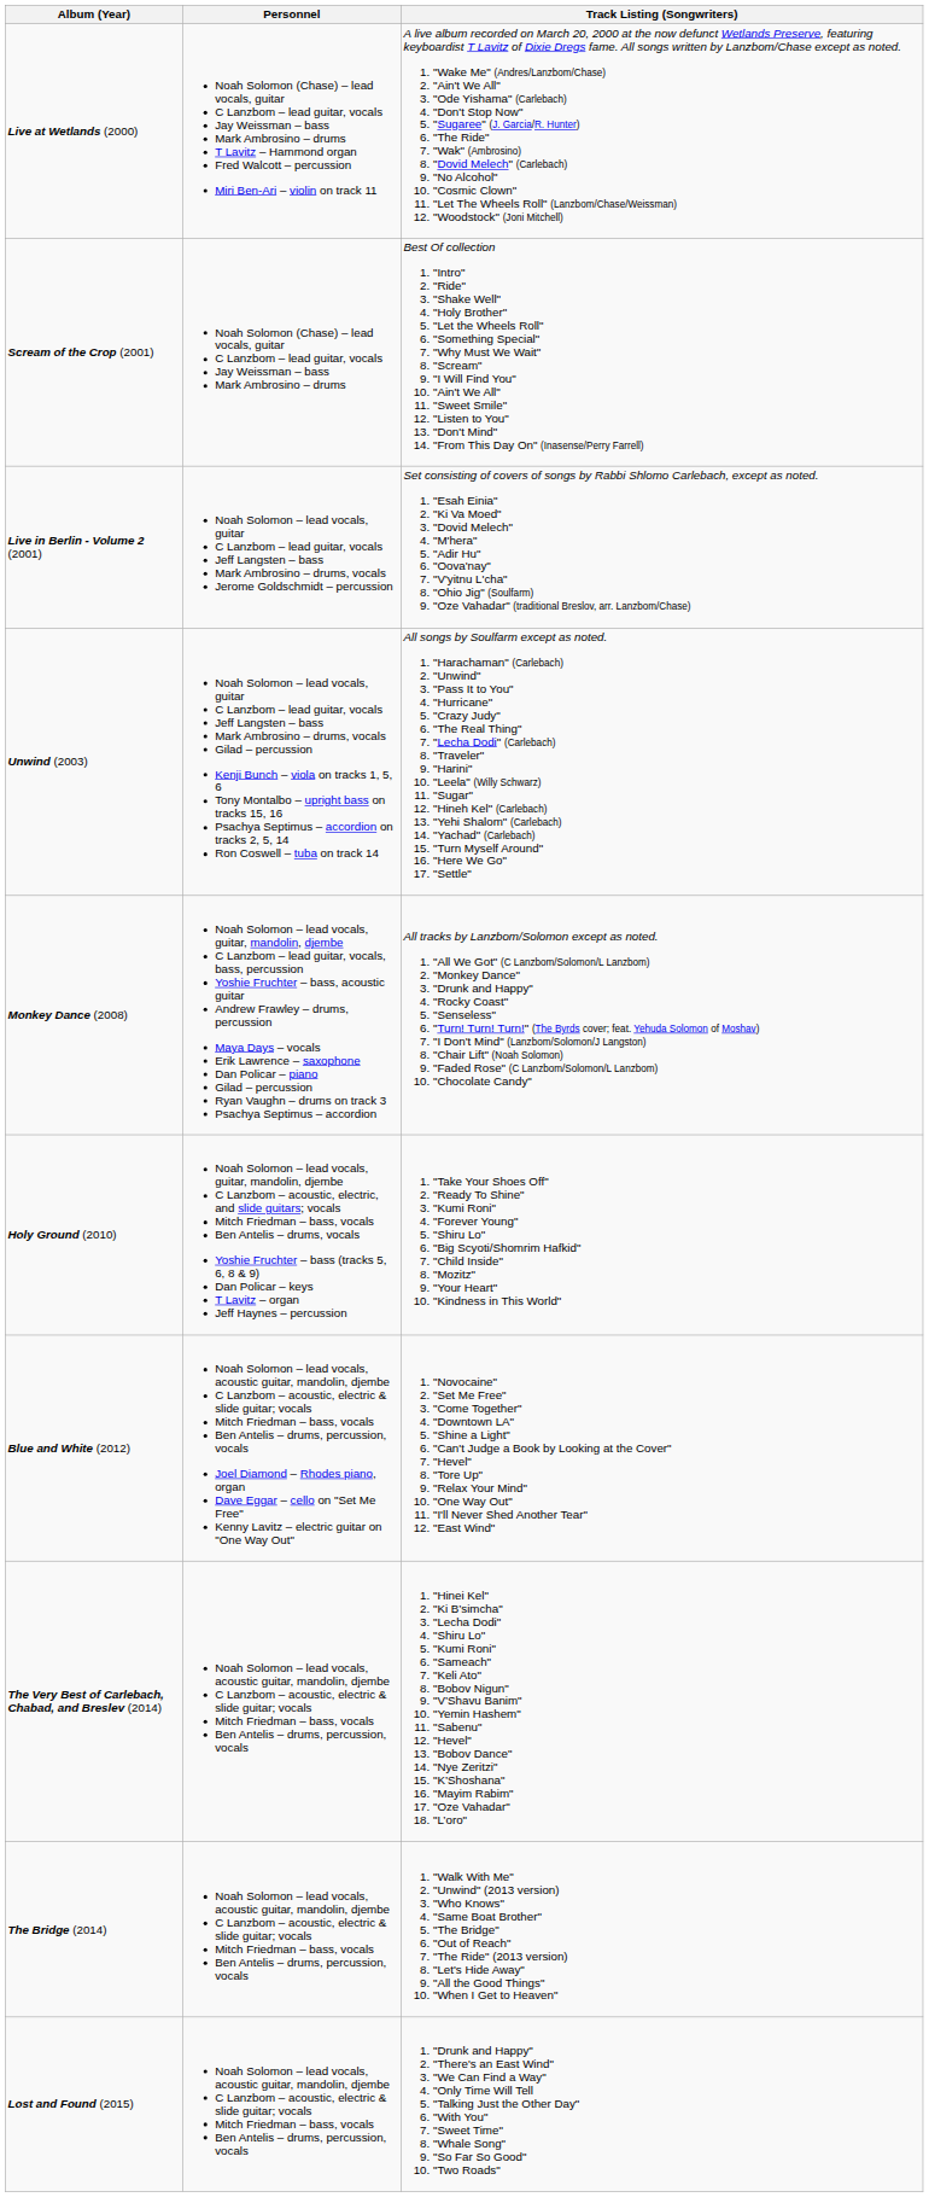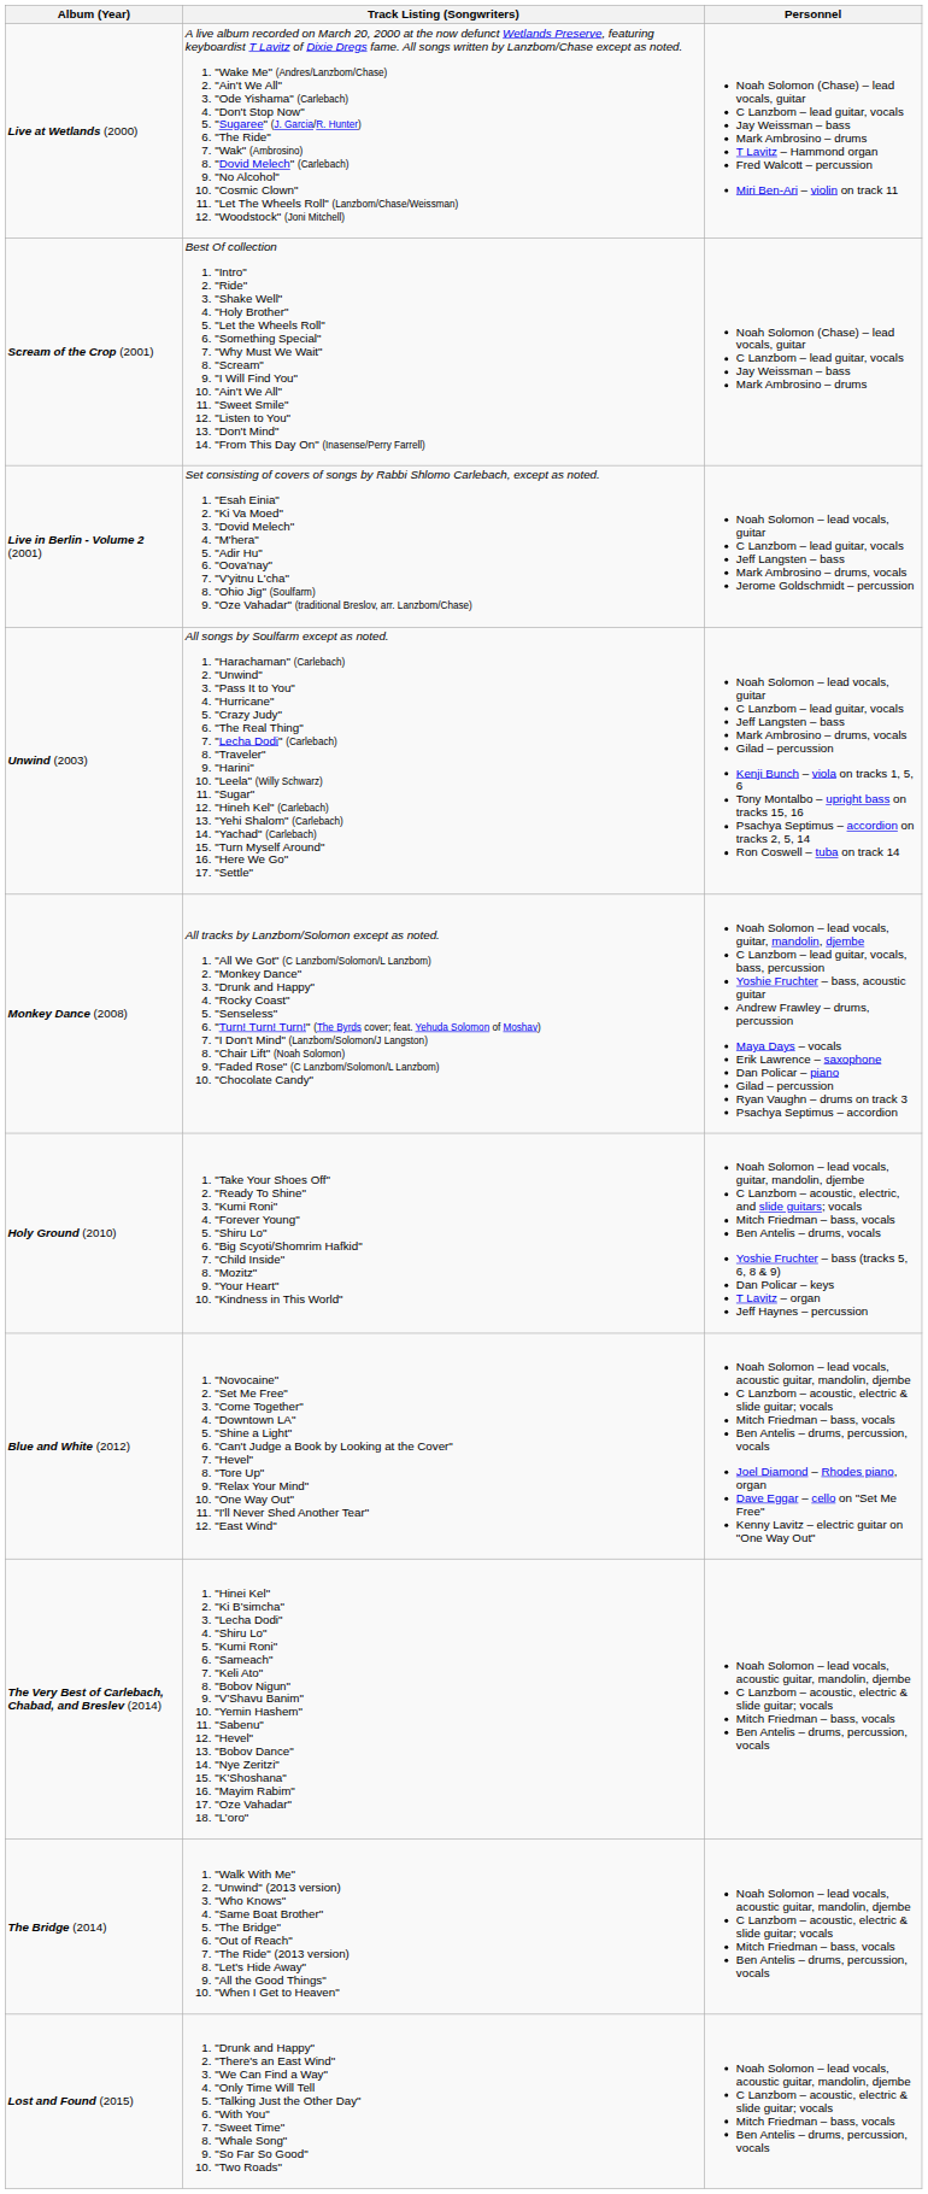 <table class="wikitable" border="1">
 <tr>
 <th>Album (Year)</th>
+<th>Track Listing (Songwriters)</th>
 <th>Personnel</th>
-<th>Track Listing (Songwriters)</th>
 </tr>
 <tr>
 <td><strong><em>Live at Wetlands</em></strong> (2000)</td>
+<td><em>A live album recorded on March 20, 2000 at the now defunct <a href='#'>Wetlands Preserve</a>, featuring keyboardist <a href='#'>T Lavitz</a> of <a href='#'>Dixie Dregs</a> fame. All songs written by Lanzbom/Chase except as noted.</em><br><ol><li>"Wake Me" <small>(Andres/Lanzbom/Chase)</small></li><li>"Ain't We All"</li><li>"Ode Yishama" <small>(Carlebach)</small></li><li>"Don't Stop Now"</li><li>"<a href='#'>Sugaree</a>" <small>(<a href='#'>J. Garcia</a>/<a href='#'>R. Hunter</a>)</small></li><li>"The Ride"</li><li>"Wak" <small>(Ambrosino)</small></li><li>"<a href='#'>Dovid Melech</a>" <small>(Carlebach)</small></li><li>"No Alcohol"</li><li>"Cosmic Clown"</li><li>"Let The Wheels Roll" <small>(Lanzbom/Chase/Weissman)</small></li><li>"Woodstock" <small>(Joni Mitchell)</small></li></ol></td>
 <td><br><ul><li>Noah Solomon (Chase) – lead vocals, guitar</li><li>C Lanzbom – lead guitar, vocals</li><li>Jay Weissman – bass</li><li>Mark Ambrosino – drums</li><li><a href='#'>T Lavitz</a> – Hammond organ</li><li>Fred Walcott – percussion</li></ul><ul><li><a href='#'>Miri Ben-Ari</a> – <a href='#'>violin</a> on track 11</li></ul></td>
-<td><em>A live album recorded on March 20, 2000 at the now defunct <a href='#'>Wetlands Preserve</a>, featuring keyboardist <a href='#'>T Lavitz</a> of <a href='#'>Dixie Dregs</a> fame. All songs written by Lanzbom/Chase except as noted.</em><br><ol><li>"Wake Me" <small>(Andres/Lanzbom/Chase)</small></li><li>"Ain't We All"</li><li>"Ode Yishama" <small>(Carlebach)</small></li><li>"Don't Stop Now"</li><li>"<a href='#'>Sugaree</a>" <small>(<a href='#'>J. Garcia</a>/<a href='#'>R. Hunter</a>)</small></li><li>"The Ride"</li><li>"Wak" <small>(Ambrosino)</small></li><li>"<a href='#'>Dovid Melech</a>" <small>(Carlebach)</small></li><li>"No Alcohol"</li><li>"Cosmic Clown"</li><li>"Let The Wheels Roll" <small>(Lanzbom/Chase/Weissman)</small></li><li>"Woodstock" <small>(Joni Mitchell)</small></li></ol></td>
 </tr>
 <tr>
 <td><strong><em>Scream of the Crop</em></strong> (2001)</td>
+<td><em>Best Of collection</em><br><ol><li>"Intro"</li><li>"Ride"</li><li>"Shake Well"</li><li>"Holy Brother"</li><li>"Let the Wheels Roll"</li><li>"Something Special"</li><li>"Why Must We Wait"</li><li>"Scream"</li><li>"I Will Find You"</li><li>"Ain't We All"</li><li>"Sweet Smile"</li><li>"Listen to You"</li><li>"Don't Mind"</li><li>"From This Day On" <small>(Inasense/Perry Farrell)</small></li></ol></td>
 <td><br><ul><li>Noah Solomon (Chase) – lead vocals, guitar</li><li>C Lanzbom – lead guitar, vocals</li><li>Jay Weissman – bass</li><li>Mark Ambrosino – drums</li></ul></td>
-<td><em>Best Of collection</em><br><ol><li>"Intro"</li><li>"Ride"</li><li>"Shake Well"</li><li>"Holy Brother"</li><li>"Let the Wheels Roll"</li><li>"Something Special"</li><li>"Why Must We Wait"</li><li>"Scream"</li><li>"I Will Find You"</li><li>"Ain't We All"</li><li>"Sweet Smile"</li><li>"Listen to You"</li><li>"Don't Mind"</li><li>"From This Day On" <small>(Inasense/Perry Farrell)</small></li></ol></td>
 </tr>
 <tr>
 <td><strong><em>Live in Berlin - Volume 2</em></strong> (2001)</td>
+<td><em>Set consisting of covers of songs by Rabbi Shlomo Carlebach, except as noted.</em><br><ol><li>"Esah Einia"</li><li>"Ki Va Moed"</li><li>"Dovid Melech"</li><li>"M'hera"</li><li>"Adir Hu"</li><li>"Oova'nay"</li><li>"V'yitnu L'cha"</li><li>"Ohio Jig" <small>(Soulfarm)</small></li><li>"Oze Vahadar" <small>(traditional Breslov, arr. Lanzbom/Chase)</small></li></ol></td>
 <td><br><ul><li>Noah Solomon – lead vocals, guitar</li><li>C Lanzbom – lead guitar, vocals</li><li>Jeff Langsten – bass</li><li>Mark Ambrosino – drums, vocals</li><li>Jerome Goldschmidt – percussion</li></ul></td>
-<td><em>Set consisting of covers of songs by Rabbi Shlomo Carlebach, except as noted.</em><br><ol><li>"Esah Einia"</li><li>"Ki Va Moed"</li><li>"Dovid Melech"</li><li>"M'hera"</li><li>"Adir Hu"</li><li>"Oova'nay"</li><li>"V'yitnu L'cha"</li><li>"Ohio Jig" <small>(Soulfarm)</small></li><li>"Oze Vahadar" <small>(traditional Breslov, arr. Lanzbom/Chase)</small></li></ol></td>
 </tr>
 <tr>
 <td><strong><em>Unwind</em></strong> (2003)</td>
+<td><em>All songs by Soulfarm except as noted.</em><br><ol><li>"Harachaman" <small>(Carlebach)</small></li><li>"Unwind"</li><li>"Pass It to You"</li><li>"Hurricane"</li><li>"Crazy Judy"</li><li>"The Real Thing"</li><li>"<a href='#'>Lecha Dodi</a>" <small>(Carlebach)</small></li><li>"Traveler"</li><li>"Harini"</li><li>"Leela" <small>(Willy Schwarz)</small></li><li>"Sugar"</li><li>"Hineh Kel" <small>(Carlebach)</small></li><li>"Yehi Shalom" <small>(Carlebach)</small></li><li>"Yachad" <small>(Carlebach)</small></li><li>"Turn Myself Around"</li><li>"Here We Go"</li><li>"Settle"</li></ol></td>
 <td><br><ul><li>Noah Solomon – lead vocals, guitar</li><li>C Lanzbom – lead guitar, vocals</li><li>Jeff Langsten – bass</li><li>Mark Ambrosino – drums, vocals</li><li>Gilad – percussion</li></ul><ul><li><a href='#'>Kenji Bunch</a> – <a href='#'>viola</a> on tracks 1, 5, 6</li><li>Tony Montalbo – <a href='#'>upright bass</a> on tracks 15, 16</li><li>Psachya Septimus – <a href='#'>accordion</a> on tracks 2, 5, 14</li><li>Ron Coswell – <a href='#'>tuba</a> on track 14</li></ul></td>
-<td><em>All songs by Soulfarm except as noted.</em><br><ol><li>"Harachaman" <small>(Carlebach)</small></li><li>"Unwind"</li><li>"Pass It to You"</li><li>"Hurricane"</li><li>"Crazy Judy"</li><li>"The Real Thing"</li><li>"<a href='#'>Lecha Dodi</a>" <small>(Carlebach)</small></li><li>"Traveler"</li><li>"Harini"</li><li>"Leela" <small>(Willy Schwarz)</small></li><li>"Sugar"</li><li>"Hineh Kel" <small>(Carlebach)</small></li><li>"Yehi Shalom" <small>(Carlebach)</small></li><li>"Yachad" <small>(Carlebach)</small></li><li>"Turn Myself Around"</li><li>"Here We Go"</li><li>"Settle"</li></ol></td>
 </tr>
 <tr>
 <td><strong><em>Monkey Dance</em></strong> (2008)</td>
+<td><em>All tracks by Lanzbom/Solomon except as noted.</em><br><ol><li>"All We Got" <small>(C Lanzbom/Solomon/L Lanzbom)</small></li><li>"Monkey Dance"</li><li>"Drunk and Happy"</li><li>"Rocky Coast"</li><li>"Senseless"</li><li>"<a href='#'>Turn! Turn! Turn!</a>" <small>(<a href='#'>The Byrds</a> cover; feat. <a href='#'>Yehuda Solomon</a> of <a href='#'>Moshav</a>)</small></li><li>"I Don't Mind" <small>(Lanzbom/Solomon/J Langston)</small></li><li>"Chair Lift" <small>(Noah Solomon)</small></li><li>"Faded Rose" <small>(C Lanzbom/Solomon/L Lanzbom)</small></li><li>"Chocolate Candy"</li></ol></td>
 <td><br><ul><li>Noah Solomon – lead vocals, guitar, <a href='#'>mandolin</a>, <a href='#'>djembe</a></li><li>C Lanzbom – lead guitar, vocals, bass, percussion</li><li><a href='#'>Yoshie Fruchter</a> – bass, acoustic guitar</li><li>Andrew Frawley – drums, percussion</li></ul><ul><li><a href='#'>Maya Days</a> – vocals</li><li>Erik Lawrence – <a href='#'>saxophone</a></li><li>Dan Policar – <a href='#'>piano</a></li><li>Gilad – percussion</li><li>Ryan Vaughn – drums on track 3</li><li>Psachya Septimus – accordion</li></ul></td>
-<td><em>All tracks by Lanzbom/Solomon except as noted.</em><br><ol><li>"All We Got" <small>(C Lanzbom/Solomon/L Lanzbom)</small></li><li>"Monkey Dance"</li><li>"Drunk and Happy"</li><li>"Rocky Coast"</li><li>"Senseless"</li><li>"<a href='#'>Turn! Turn! Turn!</a>" <small>(<a href='#'>The Byrds</a> cover; feat. <a href='#'>Yehuda Solomon</a> of <a href='#'>Moshav</a>)</small></li><li>"I Don't Mind" <small>(Lanzbom/Solomon/J Langston)</small></li><li>"Chair Lift" <small>(Noah Solomon)</small></li><li>"Faded Rose" <small>(C Lanzbom/Solomon/L Lanzbom)</small></li><li>"Chocolate Candy"</li></ol></td>
 </tr>
 <tr>
 <td><strong><em>Holy Ground</em></strong> (2010)</td>
+<td><br><ol><li>"Take Your Shoes Off"</li><li>"Ready To Shine"</li><li>"Kumi Roni"</li><li>"Forever Young"</li><li>"Shiru Lo"</li><li>"Big Scyoti/Shomrim Hafkid"</li><li>"Child Inside"</li><li>"Mozitz"</li><li>"Your Heart"</li><li>"Kindness in This World"</li></ol></td>
 <td><br><ul><li>Noah Solomon – lead vocals, guitar, mandolin, djembe</li><li>C Lanzbom – acoustic, electric, and <a href='#'>slide guitars</a>; vocals</li><li>Mitch Friedman – bass, vocals</li><li>Ben Antelis – drums, vocals</li></ul><ul><li><a href='#'>Yoshie Fruchter</a> – bass (tracks 5, 6, 8 & 9)</li><li>Dan Policar – keys</li><li><a href='#'>T Lavitz</a> – organ</li><li>Jeff Haynes – percussion</li></ul></td>
-<td><br><ol><li>"Take Your Shoes Off"</li><li>"Ready To Shine"</li><li>"Kumi Roni"</li><li>"Forever Young"</li><li>"Shiru Lo"</li><li>"Big Scyoti/Shomrim Hafkid"</li><li>"Child Inside"</li><li>"Mozitz"</li><li>"Your Heart"</li><li>"Kindness in This World"</li></ol></td>
 </tr>
 <tr>
 <td><strong><em>Blue and White</em></strong> (2012)</td>
+<td><br><ol><li>"Novocaine"</li><li>"Set Me Free"</li><li>"Come Together"</li><li>"Downtown LA"</li><li>"Shine a Light"</li><li>"Can't Judge a Book by Looking at the Cover"</li><li>"Hevel"</li><li>"Tore Up"</li><li>"Relax Your Mind"</li><li>"One Way Out"</li><li>"I'll Never Shed Another Tear"</li><li>"East Wind"</li></ol></td>
 <td><br><ul><li>Noah Solomon – lead vocals, acoustic guitar, mandolin, djembe</li><li>C Lanzbom – acoustic, electric & slide guitar; vocals</li><li>Mitch Friedman – bass, vocals</li><li>Ben Antelis – drums, percussion, vocals</li></ul><ul><li><a href='#'>Joel Diamond</a> – <a href='#'>Rhodes piano</a>, organ</li><li><a href='#'>Dave Eggar</a> – <a href='#'>cello</a> on "Set Me Free"</li><li>Kenny Lavitz – electric guitar on "One Way Out"</li></ul></td>
-<td><br><ol><li>"Novocaine"</li><li>"Set Me Free"</li><li>"Come Together"</li><li>"Downtown LA"</li><li>"Shine a Light"</li><li>"Can't Judge a Book by Looking at the Cover"</li><li>"Hevel"</li><li>"Tore Up"</li><li>"Relax Your Mind"</li><li>"One Way Out"</li><li>"I'll Never Shed Another Tear"</li><li>"East Wind"</li></ol></td>
 </tr>
 <tr>
 <td><strong><em>The Very Best of Carlebach, Chabad, and Breslev</em></strong> (2014)</td>
+<td><br><ol><li>"Hinei Kel"</li><li>"Ki B’simcha"</li><li>"Lecha Dodi"</li><li>"Shiru Lo"</li><li>"Kumi Roni"</li><li>"Sameach"</li><li>"Keli Ato"</li><li>"Bobov Nigun"</li><li>"V’Shavu Banim"</li><li>"Yemin Hashem"</li><li>"Sabenu"</li><li>"Hevel"</li><li>"Bobov Dance"</li><li>"Nye Zeritzi"</li><li>"K’Shoshana"</li><li>"Mayim Rabim"</li><li>"Oze Vahadar"</li><li>"L’oro"</li></ol></td>
 <td><br><ul><li>Noah Solomon – lead vocals, acoustic guitar, mandolin, djembe</li><li>C Lanzbom – acoustic, electric & slide guitar; vocals</li><li>Mitch Friedman – bass, vocals</li><li>Ben Antelis – drums, percussion, vocals</li></ul></td>
-<td><br><ol><li>"Hinei Kel"</li><li>"Ki B’simcha"</li><li>"Lecha Dodi"</li><li>"Shiru Lo"</li><li>"Kumi Roni"</li><li>"Sameach"</li><li>"Keli Ato"</li><li>"Bobov Nigun"</li><li>"V’Shavu Banim"</li><li>"Yemin Hashem"</li><li>"Sabenu"</li><li>"Hevel"</li><li>"Bobov Dance"</li><li>"Nye Zeritzi"</li><li>"K’Shoshana"</li><li>"Mayim Rabim"</li><li>"Oze Vahadar"</li><li>"L’oro"</li></ol></td>
 </tr>
 <tr>
 <td><strong><em>The Bridge</em></strong> (2014)</td>
+<td><br><ol><li>"Walk With Me"</li><li>"Unwind" (2013 version)</li><li>"Who Knows"</li><li>"Same Boat Brother"</li><li>"The Bridge"</li><li>"Out of Reach"</li><li>"The Ride" (2013 version)</li><li>"Let's Hide Away"</li><li>"All the Good Things"</li><li>"When I Get to Heaven"</li></ol></td>
 <td><br><ul><li>Noah Solomon – lead vocals, acoustic guitar, mandolin, djembe</li><li>C Lanzbom – acoustic, electric & slide guitar; vocals</li><li>Mitch Friedman – bass, vocals</li><li>Ben Antelis – drums, percussion, vocals</li></ul></td>
-<td><br><ol><li>"Walk With Me"</li><li>"Unwind" (2013 version)</li><li>"Who Knows"</li><li>"Same Boat Brother"</li><li>"The Bridge"</li><li>"Out of Reach"</li><li>"The Ride" (2013 version)</li><li>"Let's Hide Away"</li><li>"All the Good Things"</li><li>"When I Get to Heaven"</li></ol></td>
 </tr>
 <tr>
 <td><strong><em>Lost and Found</em></strong> (2015)</td>
+<td><br><ol><li>"Drunk and Happy"</li><li>"There's an East Wind"</li><li>"We Can Find a Way"</li><li>"Only Time Will Tell</li><li>"Talking Just the Other Day"</li><li>"With You"</li><li>"Sweet Time"</li><li>"Whale Song"</li><li>"So Far So Good"</li><li>"Two Roads"</li></ol></td>
 <td><br><ul><li>Noah Solomon – lead vocals, acoustic guitar, mandolin, djembe</li><li>C Lanzbom – acoustic, electric & slide guitar; vocals</li><li>Mitch Friedman – bass, vocals</li><li>Ben Antelis – drums, percussion, vocals</li></ul></td>
-<td><br><ol><li>"Drunk and Happy"</li><li>"There's an East Wind"</li><li>"We Can Find a Way"</li><li>"Only Time Will Tell</li><li>"Talking Just the Other Day"</li><li>"With You"</li><li>"Sweet Time"</li><li>"Whale Song"</li><li>"So Far So Good"</li><li>"Two Roads"</li></ol></td>
 </tr>
 </table>
